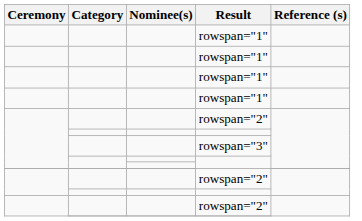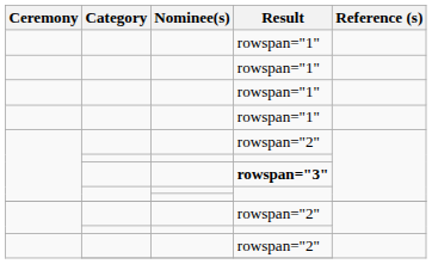 <table class="wikitable">
 <tr>
 <th>Ceremony</th>
 <th>Category</th>
 <th>Nominee(s)</th>
 <th>Result</th>
 <th>Reference (s)</th>
 </tr>
 <tr>
 <td rowspan="1"></td>
 <td></td>
 <td rowspan="1"></td>
 <td>rowspan="1" </td>
 <td></td>
 </tr>
 <tr>
 <td rowspan="1"></td>
 <td></td>
 <td rowspan="1"></td>
 <td>rowspan="1" </td>
 <td></td>
 </tr>
 <tr>
 <td rowspan="1"></td>
 <td></td>
 <td rowspan="1"></td>
 <td>rowspan="1" </td>
 <td></td>
 </tr>
 <tr>
 <td rowspan="1"></td>
 <td></td>
 <td></td>
 <td>rowspan="1" </td>
 <td></td>
 </tr>
 <tr>
 <td rowspan="5"></td>
 <td></td>
 <td></td>
 <td>rowspan="2" </td>
 <td rowspan="5" align="center"></td>
 </tr>
 <tr>
 <td></td>
 <td></td>
 </tr>
 <tr>
 <td></td>
 <td></td>
-<td>rowspan="3" </td>
+<td><strong>rowspan="3" </strong></td>
 </tr>
 <tr>
 <td rowspan="2"></td>
 <td></td>
 </tr>
 <tr>
 <td></td>
 </tr>
 <tr>
 </tr>
 <tr>
 <td rowspan="2"></td>
 <td></td>
 <td></td>
 <td>rowspan="2" </td>
 <td rowspan="2" align="center"></td>
 </tr>
 <tr>
 <td></td>
 <td></td>
 </tr>
 <tr>
 <td rowspan="2"></td>
 <td></td>
 <td></td>
 <td>rowspan="2" </td>
 <td rowspan="5" align="center"></td>
 </tr>
 <tr>
 </tr>
 </table>
